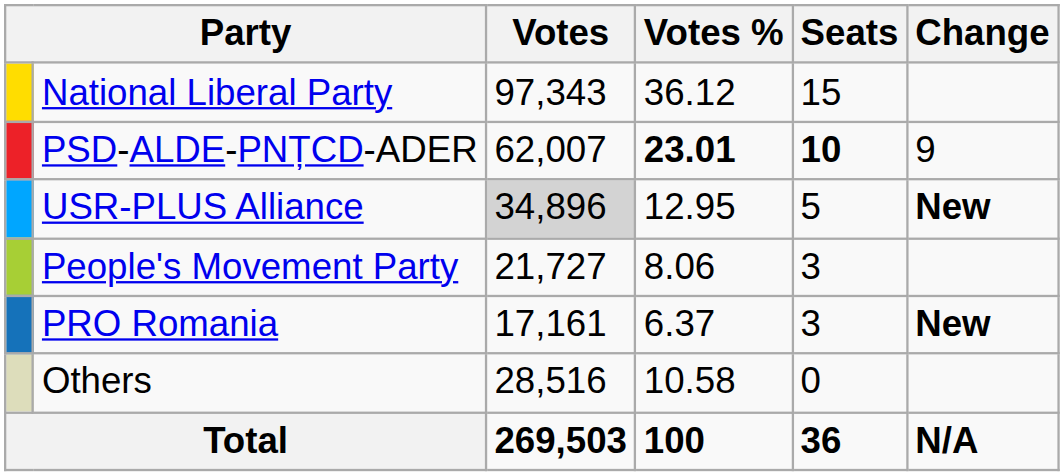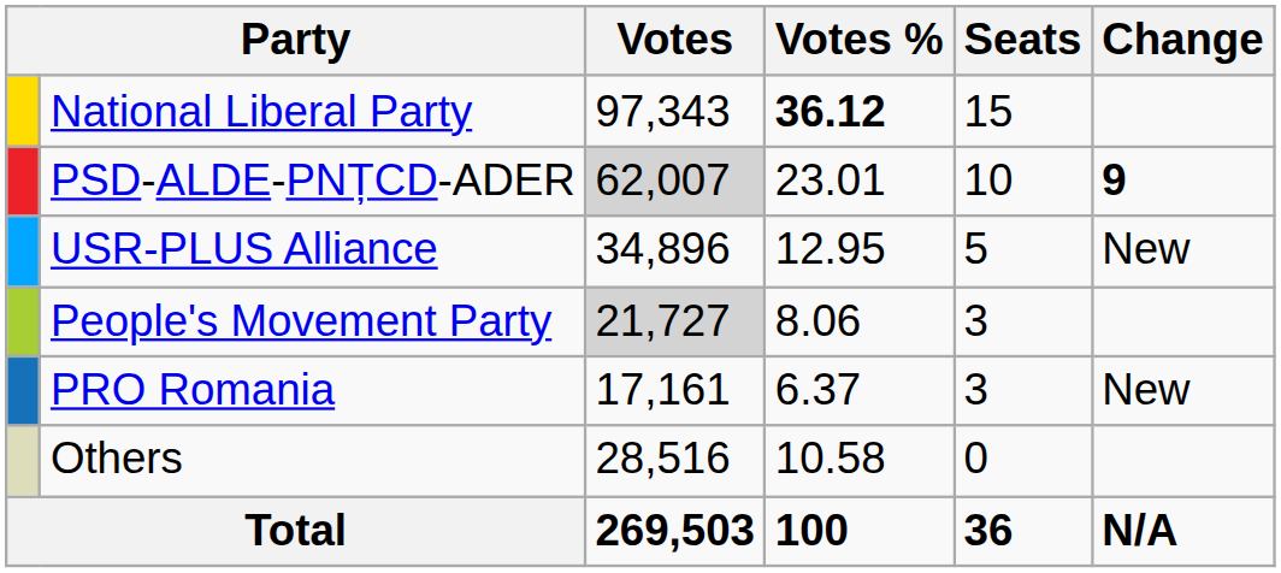 <table class="wikitable">
 <tr>
 <th colspan="2">Party</th>
 <th>Votes</th>
 <th>Votes %</th>
 <th>Seats</th>
 <th>Change</th>
 </tr>
 <tr>
 <td style="background:#ffdd00;" width="5"></td>
 <td><a href='#'>National Liberal Party</a></td>
 <td>97,343</td>
-<td>36.12</td>
+<td><strong>36.12</strong></td>
 <td>15</td>
 <td></td>
 </tr>
 <tr>
 <td style="background:#ed2128;" width="5"></td>
 <td><a href='#'>PSD</a>-<a href='#'>ALDE</a>-<a href='#'>PNȚCD</a>-ADER</td>
-<td>62,007</td>
-<td><strong>23.01</strong></td>
-<td><strong>10</strong></td>
-<td>9</td>
+<td style="background: lightgrey;">62,007</td>
+<td>23.01</td>
+<td>10</td>
+<td><strong>9</strong></td>
 </tr>
 <tr>
 <td style="background:#00a6ff;" width="5"></td>
 <td><a href='#'>USR-PLUS Alliance</a></td>
-<td style="background: lightgrey;">34,896</td>
+<td>34,896</td>
 <td>12.95</td>
 <td>5</td>
-<td><strong>New</strong></td>
+<td>New</td>
 </tr>
 <tr>
 <td style="background:#a7cf35;" width="5"></td>
 <td><a href='#'>People's Movement Party</a></td>
-<td>21,727</td>
+<td style="background: lightgrey;">21,727</td>
 <td>8.06</td>
 <td>3</td>
 <td></td>
 </tr>
 <tr>
 <td style="background:#1572ba;" width="5"></td>
 <td><a href='#'>PRO Romania</a></td>
 <td>17,161</td>
 <td>6.37</td>
 <td>3</td>
-<td><strong>New</strong></td>
+<td>New</td>
 </tr>
 <tr>
 <td style="background:#ddddbb;" width="5"></td>
 <td>Others</td>
 <td>28,516</td>
 <td>10.58</td>
 <td>0</td>
 <td></td>
 </tr>
 <tr>
 <th colspan="2">Total</th>
 <td><strong>269,503</strong></td>
 <td><strong>100</strong></td>
 <td><strong>36</strong></td>
 <td><strong>N/A</strong></td>
 </tr>
 </table>
